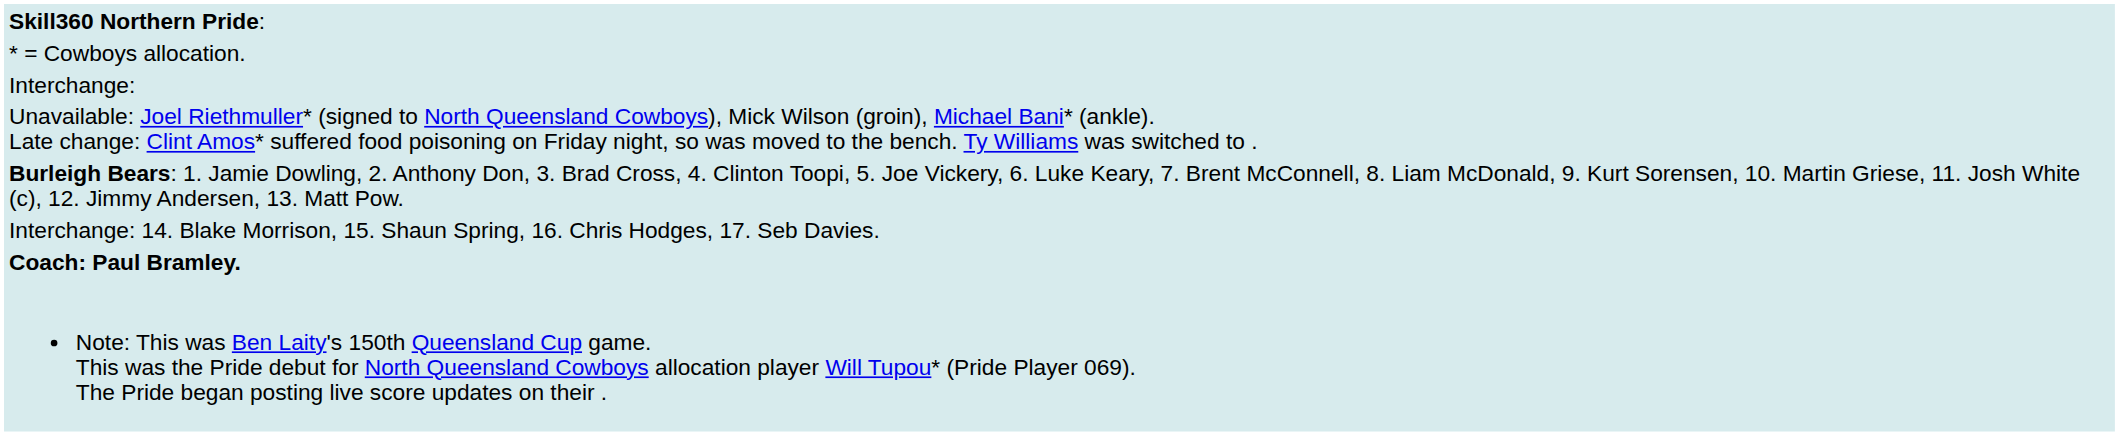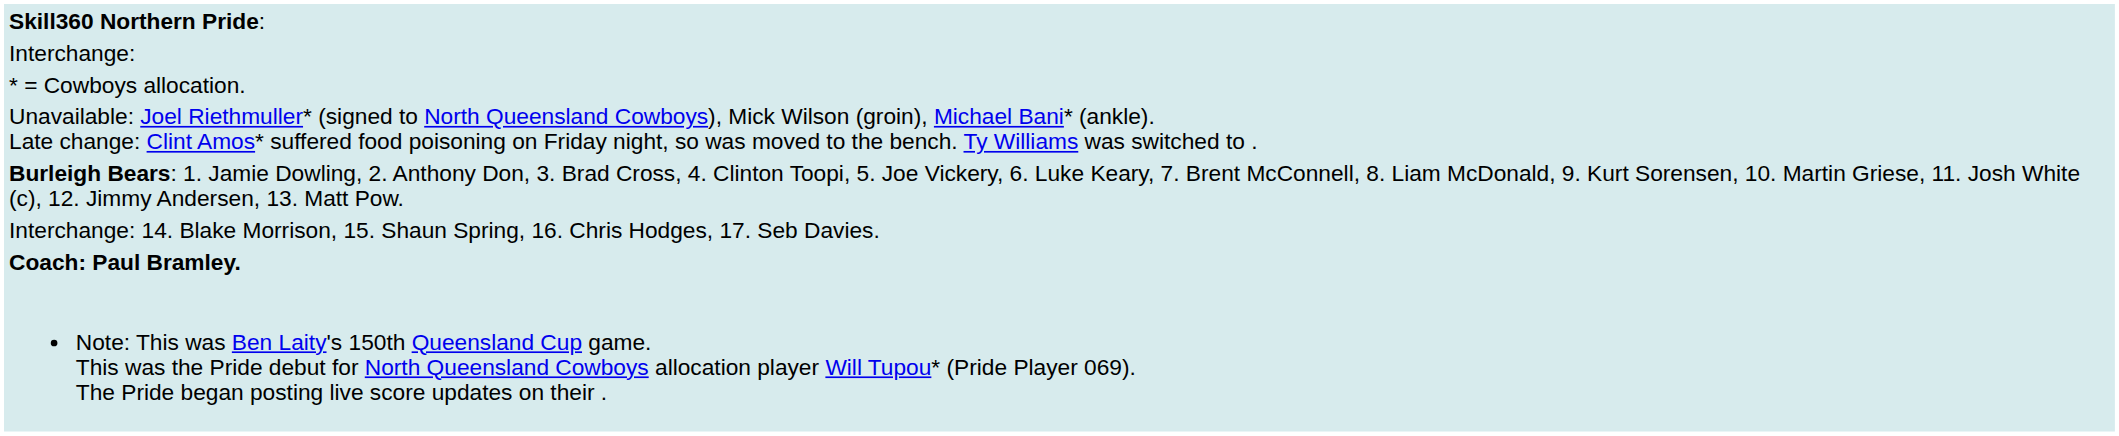 <table style="background:#d7ebed; font-size:85%; width:100%;">
 <tr>
 <td><strong>Skill360 Northern Pride</strong>:             </td>
 </tr>
 <tr>
-<td>* = Cowboys allocation.</td>
+<td>Interchange:    </td>
 </tr>
 <tr>
-<td>Interchange:    </td>
+<td>* = Cowboys allocation.</td>
 </tr>
 <tr>
 <td>Unavailable: <a href='#'>Joel Riethmuller</a>* (signed to <a href='#'>North Queensland Cowboys</a>), Mick Wilson (groin), <a href='#'>Michael Bani</a>* (ankle).<br>Late change: <a href='#'>Clint Amos</a>* suffered food poisoning on Friday night, so was moved to the bench. <a href='#'>Ty Williams</a> was switched to .</td>
 </tr>
 <tr>
 <td><strong>Burleigh Bears</strong>: 1. Jamie Dowling, 2. Anthony Don, 3. Brad Cross, 4. Clinton Toopi, 5. Joe Vickery, 6. Luke Keary, 7. Brent McConnell, 8. Liam McDonald, 9. Kurt Sorensen, 10. Martin Griese, 11. Josh White (c), 12. Jimmy Andersen, 13. Matt Pow.</td>
 </tr>
 <tr>
 <td>Interchange: 14. Blake Morrison, 15. Shaun Spring, 16. Chris Hodges, 17. Seb Davies.</td>
 </tr>
 <tr>
 <td><strong>Coach: Paul Bramley.</strong></td>
 </tr>
 <tr>
 <td><br><ul><li>Note: This was <a href='#'>Ben Laity</a>'s 150th <a href='#'>Queensland Cup</a> game.<br>This was the Pride debut for <a href='#'>North Queensland Cowboys</a> allocation player <a href='#'>Will Tupou</a>* (Pride Player 069).<br>The Pride began posting live score updates on their .</li></ul></td>
 </tr>
 </table>
